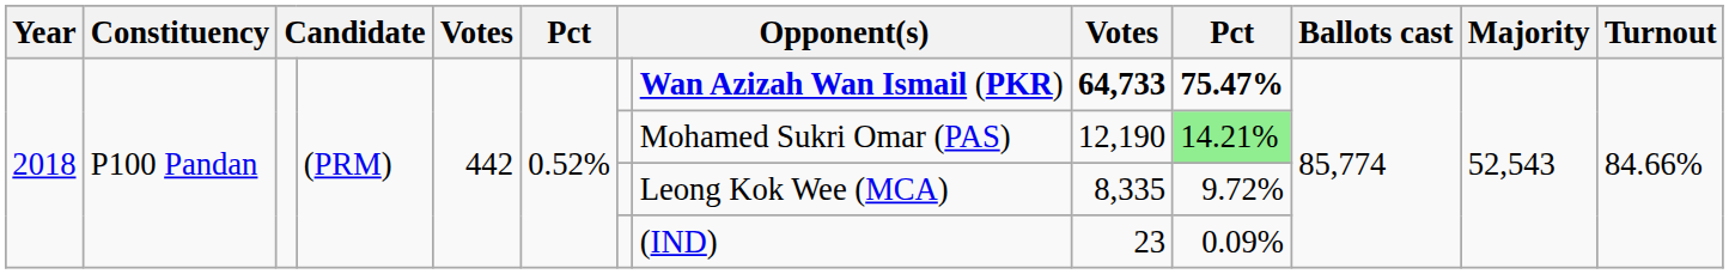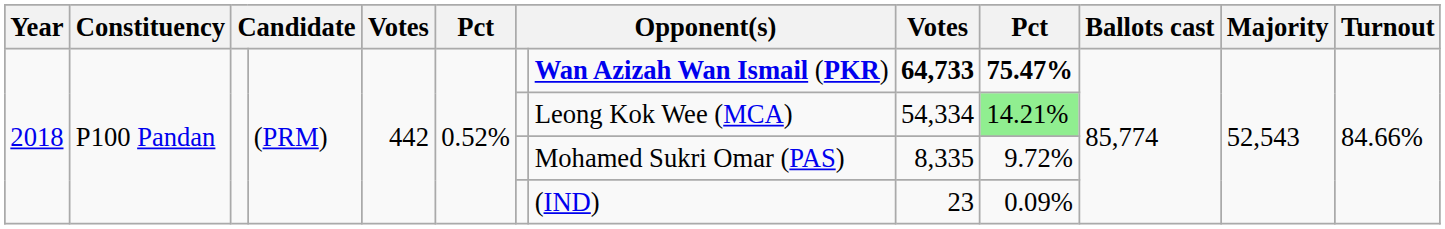 <table class="wikitable" style="margin:0.5em ; font-size:95%">
 <tr>
 <th>Year</th>
 <th>Constituency</th>
 <th colspan=2>Candidate</th>
 <th>Votes</th>
 <th>Pct</th>
 <th colspan=2>Opponent(s)</th>
 <th>Votes</th>
 <th>Pct</th>
 <th>Ballots cast</th>
 <th>Majority</th>
 <th>Turnout</th>
 </tr>
 <tr>
 <td rowspan=4><a href='#'>2018</a></td>
 <td rowspan=4>P100 <a href='#'>Pandan</a></td>
 <td rowspan=4 bgcolor=></td>
 <td rowspan=4> (<a href='#'>PRM</a>)</td>
 <td rowspan=4 align="right">442</td>
 <td rowspan=4 align=right>0.52%</td>
 <td></td>
 <td><strong><a href='#'>Wan Azizah Wan Ismail</a></strong> (<a href='#'><strong>PKR</strong></a>)</td>
 <td align="right"><strong>64,733</strong></td>
 <td><strong>75.47%</strong></td>
 <td rowspan=4>85,774</td>
 <td rowspan=4>52,543</td>
 <td rowspan=4>84.66%</td>
 </tr>
 <tr>
 <td></td>
-<td>Mohamed Sukri Omar (<a href='#'>PAS</a>)</td>
-<td align="right">12,190</td>
+<td>Leong Kok Wee (<a href='#'>MCA</a>)</td>
+<td align="right">54,334</td>
 <td style="background: lightgreen;">14.21%</td>
 </tr>
 <tr>
 <td></td>
-<td>Leong Kok Wee (<a href='#'>MCA</a>)</td>
+<td>Mohamed Sukri Omar (<a href='#'>PAS</a>)</td>
 <td align="right">8,335</td>
 <td align=right>9.72%</td>
 </tr>
 <tr>
 <td></td>
 <td> (<a href='#'>IND</a>)</td>
 <td align="right">23</td>
 <td align=right>0.09%</td>
 </tr>
 </table>
